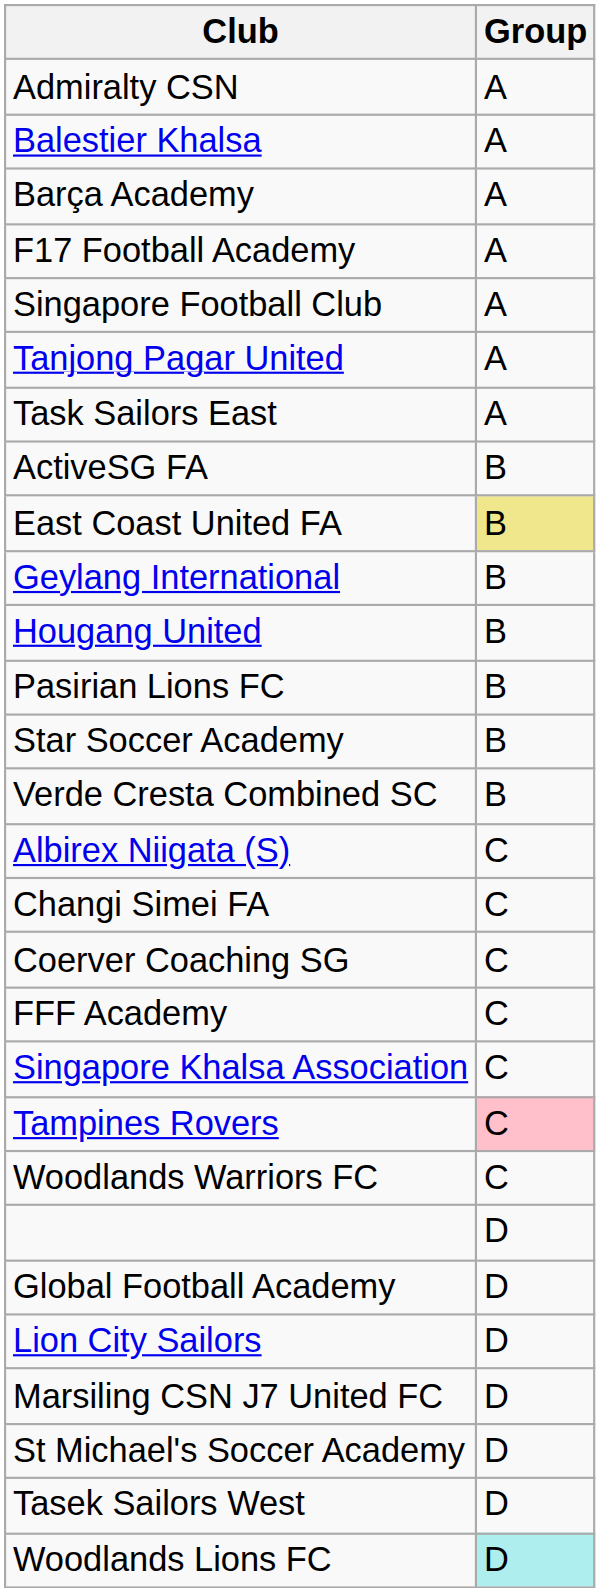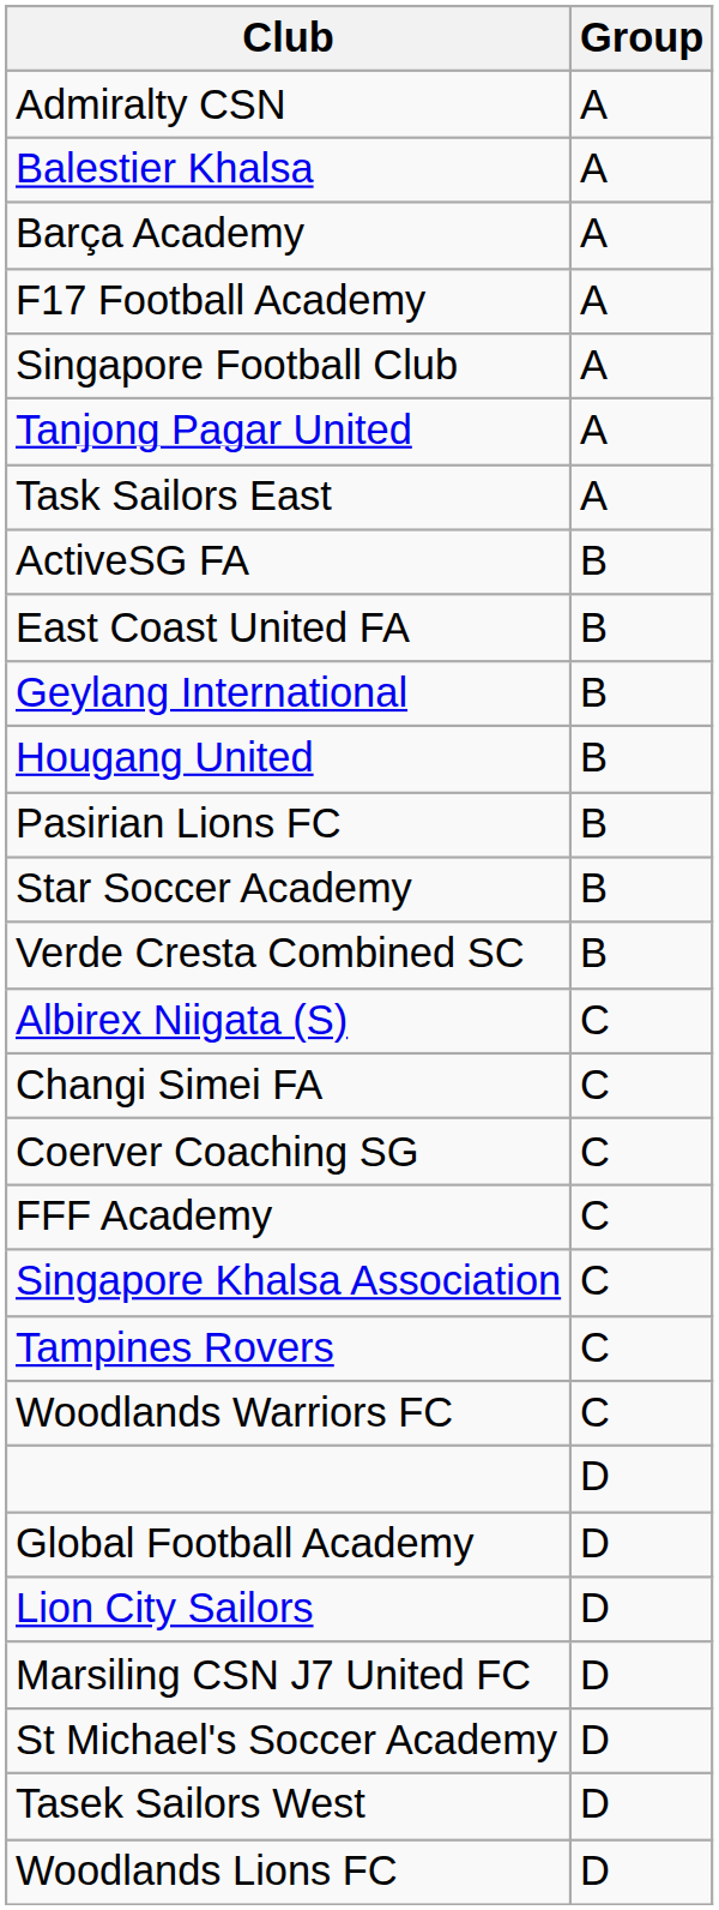 <table class="wikitable sortable">
 <tr>
 <th>Club</th>
 <th>Group</th>
 </tr>
 <tr>
 <td>Admiralty CSN</td>
 <td>A</td>
 </tr>
 <tr>
 <td><a href='#'>Balestier Khalsa</a></td>
 <td>A</td>
 </tr>
 <tr>
 <td>Barça Academy</td>
 <td>A</td>
 </tr>
 <tr>
 <td>F17 Football Academy</td>
 <td>A</td>
 </tr>
 <tr>
 <td>Singapore Football Club</td>
 <td>A</td>
 </tr>
 <tr>
 <td><a href='#'>Tanjong Pagar United</a></td>
 <td>A</td>
 </tr>
 <tr>
 <td>Task Sailors East</td>
 <td>A</td>
 </tr>
 <tr>
 <td>ActiveSG FA</td>
 <td>B</td>
 </tr>
 <tr>
 <td>East Coast United FA</td>
-<td style="background: khaki;">B</td>
+<td>B</td>
 </tr>
 <tr>
 <td><a href='#'>Geylang International</a></td>
 <td>B</td>
 </tr>
 <tr>
 <td><a href='#'>Hougang United</a></td>
 <td>B</td>
 </tr>
 <tr>
 <td>Pasirian Lions FC</td>
 <td>B</td>
 </tr>
 <tr>
 <td>Star Soccer Academy</td>
 <td>B</td>
 </tr>
 <tr>
 <td>Verde Cresta Combined SC</td>
 <td>B</td>
 </tr>
 <tr>
 <td><a href='#'>Albirex Niigata (S)</a></td>
 <td>C</td>
 </tr>
 <tr>
 <td>Changi Simei FA</td>
 <td>C</td>
 </tr>
 <tr>
 <td>Coerver Coaching SG</td>
 <td>C</td>
 </tr>
 <tr>
 <td>FFF Academy</td>
 <td>C</td>
 </tr>
 <tr>
 <td><a href='#'>Singapore Khalsa Association</a></td>
 <td>C</td>
 </tr>
 <tr>
 <td><a href='#'>Tampines Rovers</a></td>
-<td style="background: pink;">C</td>
+<td>C</td>
 </tr>
 <tr>
 <td>Woodlands Warriors FC</td>
 <td>C</td>
 </tr>
 <tr>
 <td></td>
 <td>D</td>
 </tr>
 <tr>
 <td>Global Football Academy</td>
 <td>D</td>
 </tr>
 <tr>
 <td><a href='#'>Lion City Sailors</a></td>
 <td>D</td>
 </tr>
 <tr>
 <td>Marsiling CSN J7 United FC</td>
 <td>D</td>
 </tr>
 <tr>
 <td>St Michael's Soccer Academy</td>
 <td>D</td>
 </tr>
 <tr>
 <td>Tasek Sailors West</td>
 <td>D</td>
 </tr>
 <tr>
 <td>Woodlands Lions FC</td>
-<td style="background: paleturquoise;">D</td>
+<td>D</td>
 </tr>
 </table>
